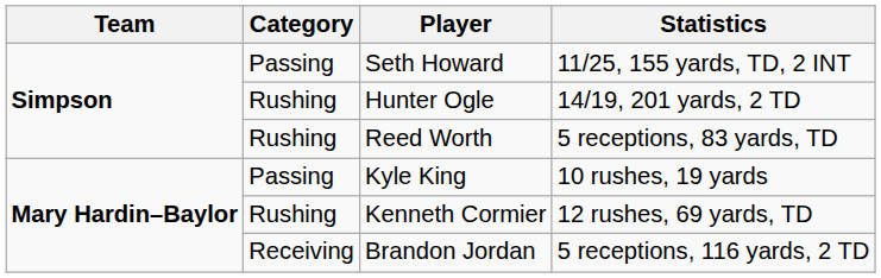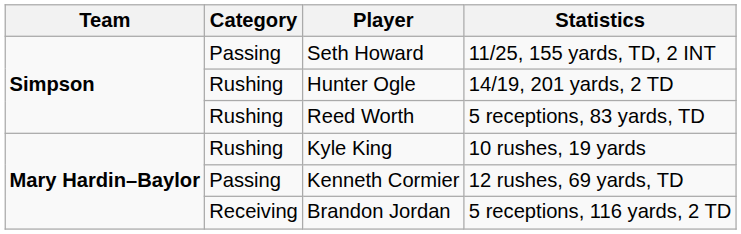 <table class="wikitable" style="float: right;">
 <tr>
 <th>Team</th>
 <th>Category</th>
 <th>Player</th>
 <th>Statistics</th>
 </tr>
 <tr>
 <td rowspan=3><strong>Simpson</strong></td>
 <td>Passing</td>
 <td>Seth Howard</td>
 <td>11/25, 155 yards, TD, 2 INT</td>
 </tr>
 <tr>
 <td>Rushing</td>
 <td>Hunter Ogle</td>
 <td>14/19, 201 yards, 2 TD</td>
 </tr>
 <tr>
 <td>Rushing</td>
 <td>Reed Worth</td>
 <td>5 receptions, 83 yards, TD</td>
 </tr>
 <tr>
 <td rowspan=3><strong>Mary Hardin–Baylor</strong></td>
-<td>Passing</td>
+<td>Rushing</td>
 <td>Kyle King</td>
 <td>10 rushes, 19 yards</td>
 </tr>
 <tr>
-<td>Rushing</td>
+<td>Passing</td>
 <td>Kenneth Cormier</td>
 <td>12 rushes, 69 yards, TD</td>
 </tr>
 <tr>
 <td>Receiving</td>
 <td>Brandon Jordan</td>
 <td>5 receptions, 116 yards, 2 TD</td>
 </tr>
 </table>
